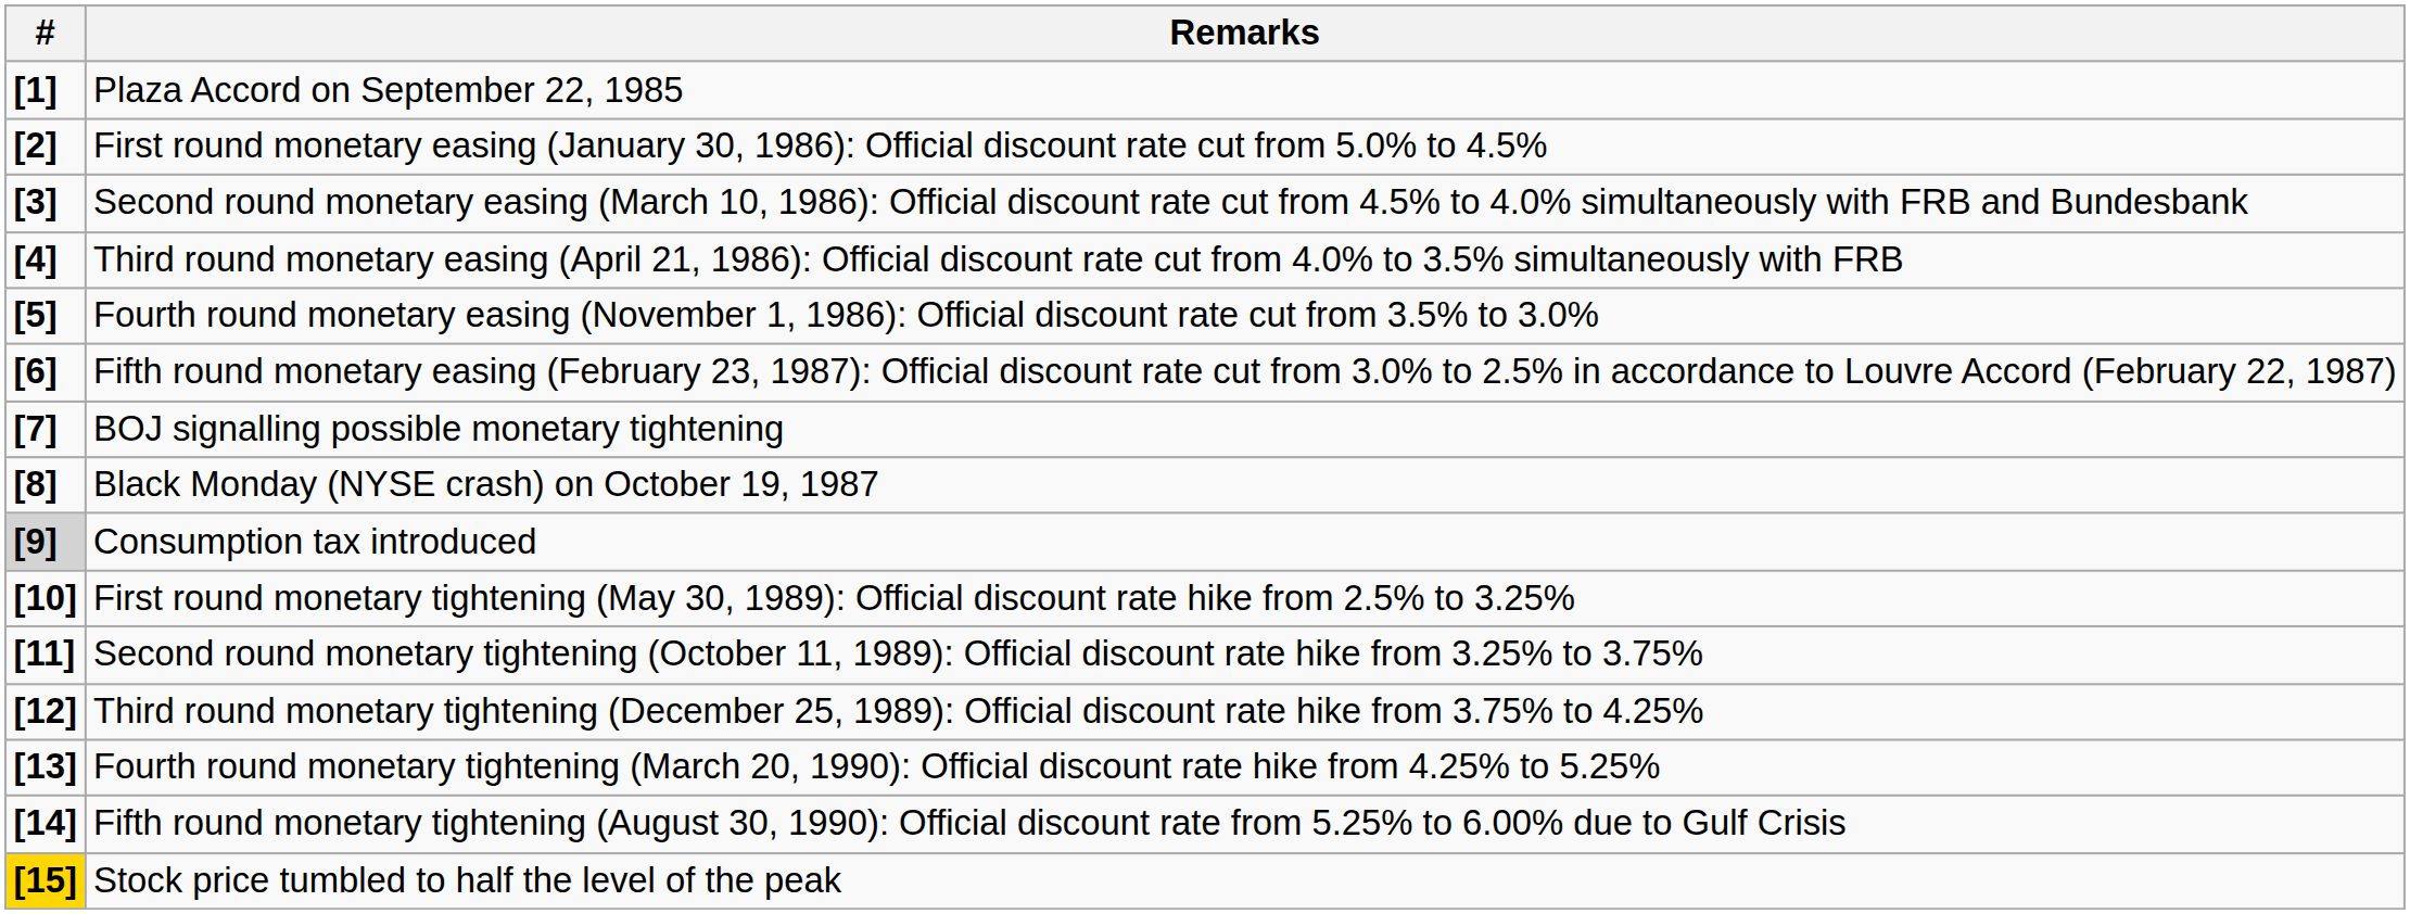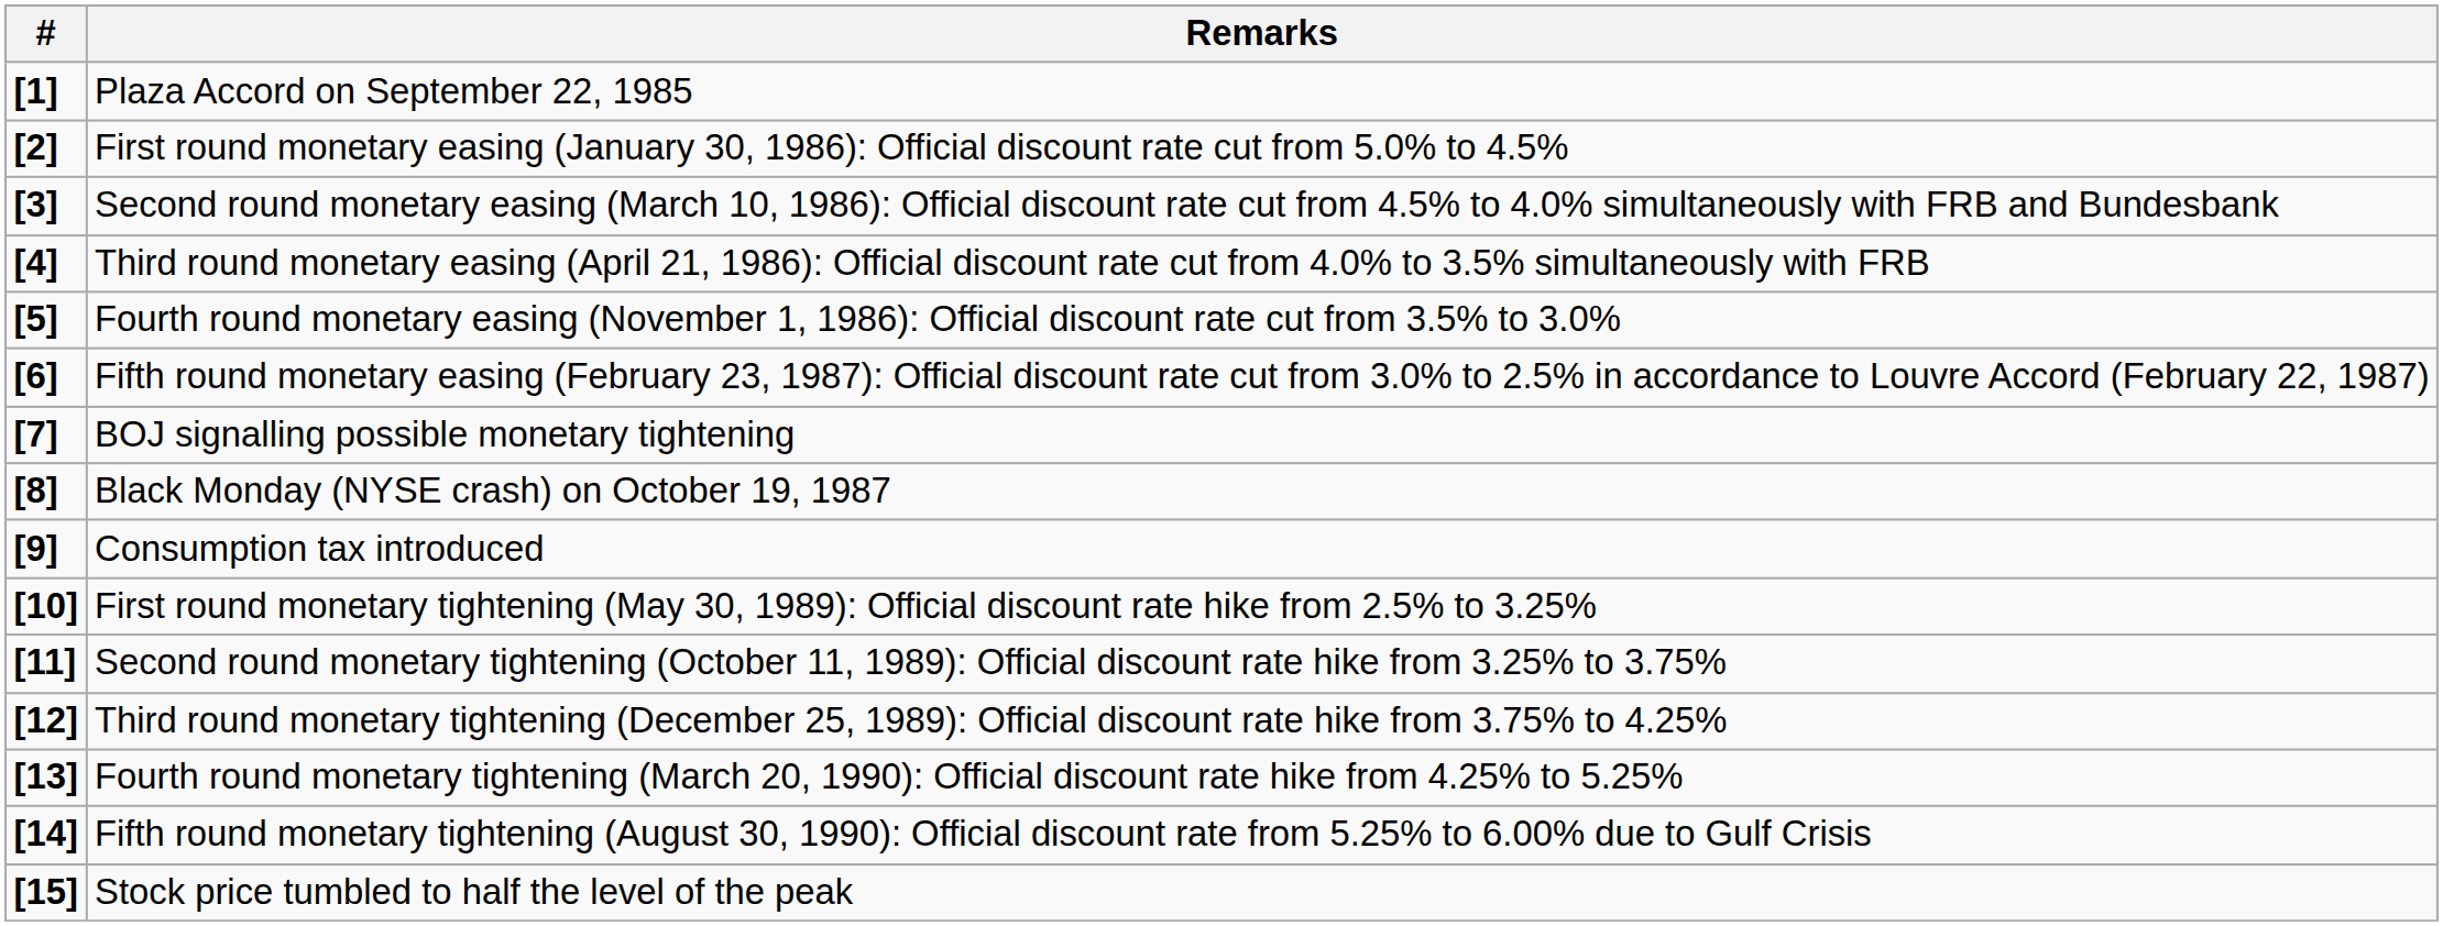 <table class="wikitable">
 <tr>
 <th>#</th>
 <th>Remarks</th>
 </tr>
 <tr>
 <td><strong>[1]</strong></td>
 <td>Plaza Accord on September 22, 1985</td>
 </tr>
 <tr>
 <td><strong>[2]</strong></td>
 <td>First round monetary easing (January 30, 1986): Official discount rate cut from 5.0% to 4.5%</td>
 </tr>
 <tr>
 <td><strong>[3]</strong></td>
 <td>Second round monetary easing (March 10, 1986): Official discount rate cut from 4.5% to 4.0% simultaneously with FRB and Bundesbank</td>
 </tr>
 <tr>
 <td><strong>[4]</strong></td>
 <td>Third round monetary easing (April 21, 1986): Official discount rate cut from 4.0% to 3.5% simultaneously with FRB</td>
 </tr>
 <tr>
 <td><strong>[5]</strong></td>
 <td>Fourth round monetary easing (November 1, 1986): Official discount rate cut from 3.5% to 3.0%</td>
 </tr>
 <tr>
 <td><strong>[6]</strong></td>
 <td>Fifth round monetary easing (February 23, 1987): Official discount rate cut from 3.0% to 2.5% in accordance to Louvre Accord (February 22, 1987)</td>
 </tr>
 <tr>
 <td><strong>[7]</strong></td>
 <td>BOJ signalling possible monetary tightening</td>
 </tr>
 <tr>
 <td><strong>[8]</strong></td>
 <td>Black Monday (NYSE crash) on October 19, 1987</td>
 </tr>
 <tr>
-<td style="background: lightgrey;"><strong>[9]</strong></td>
+<td><strong>[9]</strong></td>
 <td>Consumption tax introduced</td>
 </tr>
 <tr>
 <td><strong>[10]</strong></td>
 <td>First round monetary tightening (May 30, 1989): Official discount rate hike from 2.5% to 3.25%</td>
 </tr>
 <tr>
 <td><strong>[11]</strong></td>
 <td>Second round monetary tightening (October 11, 1989): Official discount rate hike from 3.25% to 3.75%</td>
 </tr>
 <tr>
 <td><strong>[12]</strong></td>
 <td>Third round monetary tightening (December 25, 1989): Official discount rate hike from 3.75% to 4.25%</td>
 </tr>
 <tr>
 <td><strong>[13]</strong></td>
 <td>Fourth round monetary tightening (March 20, 1990): Official discount rate hike from 4.25% to 5.25%</td>
 </tr>
 <tr>
 <td><strong>[14]</strong></td>
 <td>Fifth round monetary tightening (August 30, 1990): Official discount rate from 5.25% to 6.00% due to Gulf Crisis</td>
 </tr>
 <tr>
-<td style="background: gold;"><strong>[15]</strong></td>
+<td><strong>[15]</strong></td>
 <td>Stock price tumbled to half the level of the peak</td>
 </tr>
 </table>
